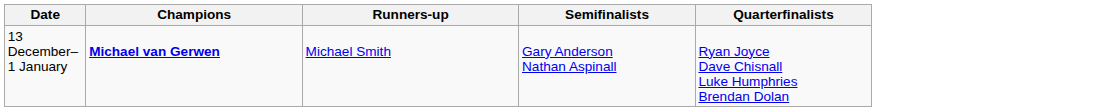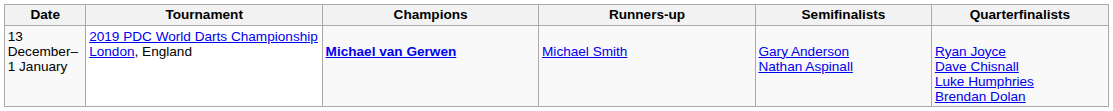 <table class=wikitable style=font-size:85%>
 <tr>
 <th width=75>Date</th>
+<th width=230>Tournament</th>
 <th width=210>Champions</th>
 <th width=210>Runners-up</th>
 <th width=170>Semifinalists</th>
 <th width=170>Quarterfinalists</th>
 </tr>
 <tr valign="top">
 <td>13 December–1 January</td>
+<td bgcolor="#ffffff"><a href='#'>2019 PDC World Darts Championship</a><br><a href='#'>London</a>, England</td>
 <td><br> <strong><a href='#'>Michael van Gerwen</a></strong></td>
 <td><br> <a href='#'>Michael Smith</a></td>
 <td><br> <a href='#'>Gary Anderson</a> <br>  <a href='#'>Nathan Aspinall</a></td>
 <td><br> <a href='#'>Ryan Joyce</a> <br>  <a href='#'>Dave Chisnall</a> <br>  <a href='#'>Luke Humphries</a> <br>  <a href='#'>Brendan Dolan</a></td>
 </tr>
 </table>
